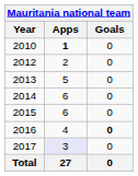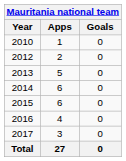 <table class="wikitable" style="text-align:center">
 <tr>
 <th colspan=3><a href='#'>Mauritania national team</a></th>
 </tr>
 <tr>
 <th>Year</th>
 <th>Apps</th>
 <th>Goals</th>
 </tr>
 <tr>
 <td>2010</td>
-<td><strong>1</strong></td>
+<td>1</td>
 <td>0</td>
 </tr>
 <tr>
 <td>2012</td>
 <td>2</td>
 <td>0</td>
 </tr>
 <tr>
 <td>2013</td>
 <td>5</td>
 <td>0</td>
 </tr>
 <tr>
 <td>2014</td>
 <td>6</td>
 <td>0</td>
 </tr>
 <tr>
 <td>2015</td>
 <td>6</td>
 <td>0</td>
 </tr>
 <tr>
 <td>2016</td>
 <td>4</td>
-<td><strong>0</strong></td>
+<td>0</td>
 </tr>
 <tr>
 <td>2017</td>
-<td style="background: lavender;">3</td>
+<td>3</td>
 <td>0</td>
 </tr>
 <tr>
 <th>Total</th>
 <th>27</th>
 <th>0</th>
 </tr>
 </table>
